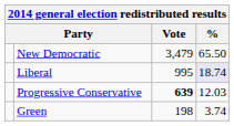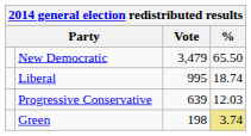 <table class="wikitable">
 <tr>
 <th colspan="4"><a href='#'>2014 general election</a> redistributed results</th>
 </tr>
 <tr>
 <th bgcolor="#DDDDFF" width="130px" colspan="2">Party</th>
 <th bgcolor="#DDDDFF" width="50px">Vote</th>
 <th bgcolor="#DDDDFF" width="30px">%</th>
 </tr>
 <tr>
 <td> </td>
 <td><a href='#'>New Democratic</a></td>
 <td align=right>3,479</td>
 <td align=right>65.50</td>
 </tr>
 <tr>
 <td> </td>
 <td><a href='#'>Liberal</a></td>
 <td align=right>995</td>
-<td align=right style="background: lavender;">18.74</td>
+<td align=right>18.74</td>
 </tr>
 <tr>
 <td> </td>
 <td><a href='#'>Progressive Conservative</a></td>
-<td align=right><strong>639</strong></td>
+<td align=right>639</td>
 <td align=right>12.03</td>
 </tr>
 <tr>
 <td> </td>
 <td><a href='#'>Green</a></td>
 <td align=right>198</td>
-<td align=right>3.74</td>
+<td align=right style="background: khaki;">3.74</td>
 </tr>
 </table>
